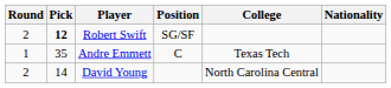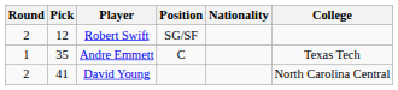 <table class="wikitable sortable sortable">
 <tr>
 <th>Round</th>
 <th>Pick</th>
 <th>Player</th>
 <th>Position</th>
+<th>Nationality</th>
 <th>College</th>
-<th>Nationality</th>
 </tr>
 <tr style="text-align: center">
 <td>2</td>
-<td><strong>12</strong></td>
+<td>12</td>
 <td><a href='#'>Robert Swift</a></td>
 <td>SG/SF</td>
 <td></td>
 <td></td>
 </tr>
 <tr style="text-align: center">
 <td>1</td>
 <td>35</td>
 <td><a href='#'>Andre Emmett</a></td>
 <td>C</td>
+<td></td>
 <td>Texas Tech</td>
-<td></td>
 </tr>
 <tr style="text-align: center">
 <td>2</td>
-<td>14</td>
+<td>41</td>
 <td><a href='#'>David Young</a></td>
 <td></td>
+<td></td>
 <td>North Carolina Central</td>
-<td></td>
 </tr>
 </table>
